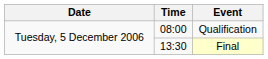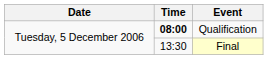 <table class = "wikitable" style="text-align:center;">
 <tr>
 <th width=220>Date</th>
 <th width=50>Time</th>
 <th width=100>Event</th>
 </tr>
 <tr>
 <td rowspan=2>Tuesday, 5 December 2006</td>
-<td>08:00</td>
+<td><strong>08:00</strong></td>
 <td>Qualification</td>
 </tr>
 <tr>
 <td>13:30</td>
 <td bgcolor=ffffcc>Final</td>
 </tr>
 </table>
